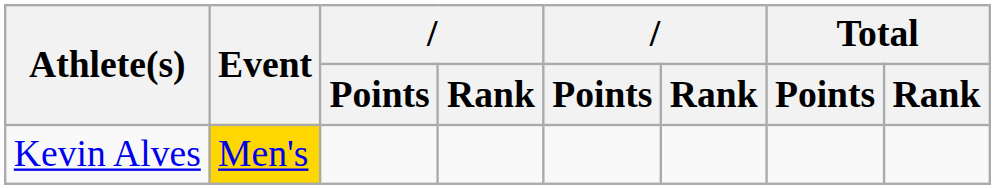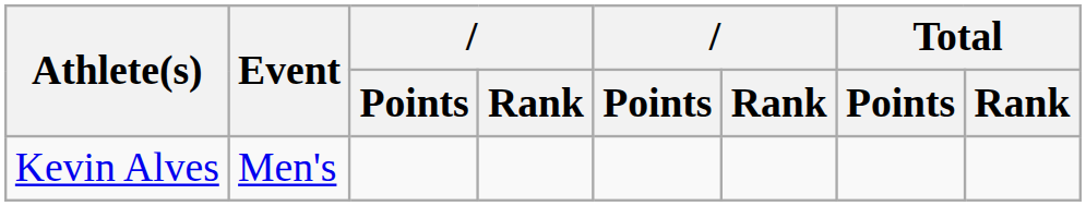 <table class="wikitable">
 <tr>
 <th rowspan="2">Athlete(s)</th>
 <th rowspan="2">Event</th>
 <th colspan="2">/</th>
 <th colspan="2">/</th>
 <th colspan="2">Total</th>
 </tr>
 <tr>
 <th>Points</th>
 <th>Rank</th>
 <th>Points</th>
 <th>Rank</th>
 <th>Points</th>
 <th>Rank</th>
 </tr>
 <tr>
 <td><a href='#'>Kevin Alves</a></td>
-<td style="background: gold;"><a href='#'>Men's</a></td>
+<td><a href='#'>Men's</a></td>
 <td></td>
 <td></td>
 <td></td>
 <td></td>
 <td></td>
 <td></td>
 </tr>
 </table>
